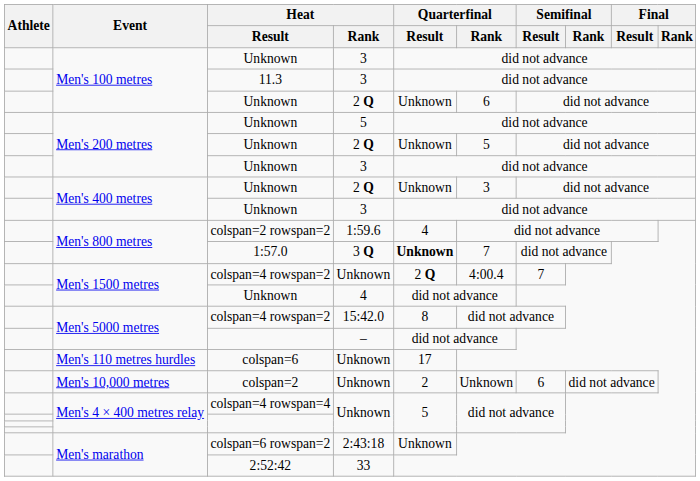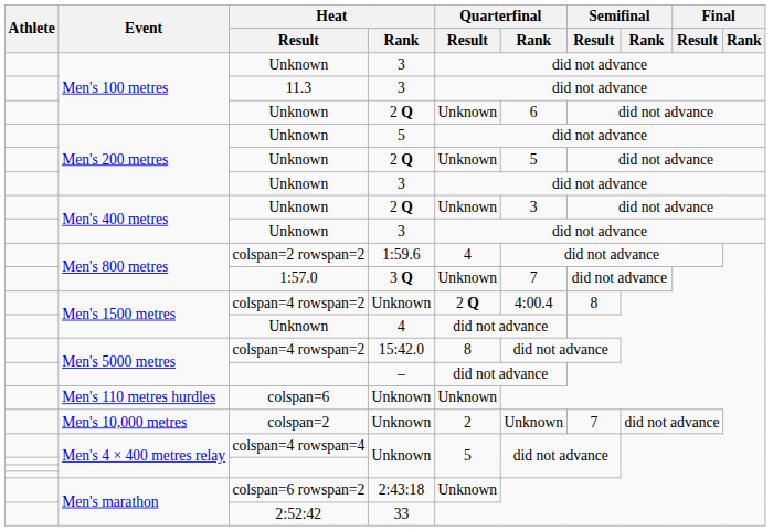 <table class="wikitable sortable" style=text-align:center>
 <tr>
 <th rowspan=2>Athlete</th>
 <th rowspan=2>Event</th>
 <th colspan=2>Heat</th>
 <th colspan=2>Quarterfinal</th>
 <th colspan=2>Semifinal</th>
 <th colspan=2>Final</th>
 </tr>
 <tr>
 <th>Result</th>
 <th>Rank</th>
 <th>Result</th>
 <th>Rank</th>
 <th>Result</th>
 <th>Rank</th>
 <th>Result</th>
 <th>Rank</th>
 </tr>
 <tr>
 <td align=left></td>
 <td rowspan=3 align=left><a href='#'>Men's 100 metres</a></td>
 <td>Unknown</td>
 <td>3</td>
 <td colspan=6>did not advance</td>
 </tr>
 <tr>
 <td align=left></td>
 <td>11.3</td>
 <td>3</td>
 <td colspan=6>did not advance</td>
 </tr>
 <tr>
 <td align=left></td>
 <td>Unknown</td>
 <td>2 <strong>Q</strong></td>
 <td>Unknown</td>
 <td>6</td>
 <td colspan=4>did not advance</td>
 </tr>
 <tr>
 <td align=left></td>
 <td rowspan=3 align=left><a href='#'>Men's 200 metres</a></td>
 <td>Unknown</td>
 <td>5</td>
 <td colspan=6>did not advance</td>
 </tr>
 <tr>
 <td align=left></td>
 <td>Unknown</td>
 <td>2 <strong>Q</strong></td>
 <td>Unknown</td>
 <td>5</td>
 <td colspan=4>did not advance</td>
 </tr>
 <tr>
 <td align=left></td>
 <td>Unknown</td>
 <td>3</td>
 <td colspan=6>did not advance</td>
 </tr>
 <tr>
 <td align=left></td>
 <td rowspan=2 align=left><a href='#'>Men's 400 metres</a></td>
 <td>Unknown</td>
 <td>2 <strong>Q</strong></td>
 <td>Unknown</td>
 <td>3</td>
 <td colspan=4>did not advance</td>
 </tr>
 <tr>
 <td align=left></td>
 <td>Unknown</td>
 <td>3</td>
 <td colspan=6>did not advance</td>
 </tr>
 <tr>
 <td align=left></td>
 <td rowspan=2 align=left><a href='#'>Men's 800 metres</a></td>
 <td>colspan=2 rowspan=2 </td>
 <td>1:59.6</td>
 <td>4</td>
 <td colspan=4>did not advance</td>
 </tr>
 <tr>
 <td align=left></td>
 <td>1:57.0</td>
 <td>3 <strong>Q</strong></td>
-<td><strong>Unknown</strong></td>
+<td>Unknown</td>
 <td>7</td>
 <td colspan=2>did not advance</td>
 </tr>
 <tr>
 <td align=left></td>
 <td rowspan=2 align=left><a href='#'>Men's 1500 metres</a></td>
 <td>colspan=4 rowspan=2 </td>
 <td>Unknown</td>
 <td>2 <strong>Q</strong></td>
 <td>4:00.4</td>
-<td>7</td>
+<td>8</td>
 </tr>
 <tr>
 <td align=left></td>
 <td>Unknown</td>
 <td>4</td>
 <td colspan=2>did not advance</td>
 </tr>
 <tr>
 <td align=left></td>
 <td rowspan=2 align=left><a href='#'>Men's 5000 metres</a></td>
 <td>colspan=4 rowspan=2 </td>
 <td>15:42.0</td>
 <td>8</td>
 <td colspan=2>did not advance</td>
 </tr>
 <tr>
 <td align=left></td>
 <td></td>
 <td>–</td>
 <td colspan=2>did not advance</td>
 </tr>
 <tr>
 <td align=left></td>
 <td align=left><a href='#'>Men's 110 metres hurdles</a></td>
 <td>colspan=6 </td>
 <td>Unknown</td>
-<td>17</td>
+<td>Unknown</td>
 </tr>
 <tr>
 <td align=left></td>
 <td align=left><a href='#'>Men's 10,000 metres</a></td>
 <td>colspan=2 </td>
 <td>Unknown</td>
 <td>2</td>
 <td>Unknown</td>
-<td>6</td>
+<td>7</td>
 <td colspan=2>did not advance</td>
 </tr>
 <tr>
 <td align=left></td>
 <td rowspan=4 align=left><a href='#'>Men's 4 × 400 metres relay</a></td>
 <td>colspan=4 rowspan=4 </td>
 <td rowspan=4>Unknown</td>
 <td rowspan=4>5</td>
 <td colspan=2 rowspan=4>did not advance</td>
 </tr>
 <tr>
 <td align=left></td>
 </tr>
 <tr>
 <td align=left></td>
 </tr>
 <tr>
 <td align=left></td>
 </tr>
 <tr>
 <td align=left></td>
 <td rowspan=2 align=left><a href='#'>Men's marathon</a></td>
 <td>colspan=6 rowspan=2 </td>
 <td>2:43:18</td>
 <td>Unknown</td>
 </tr>
 <tr>
 <td align=left></td>
 <td>2:52:42</td>
 <td>33</td>
 </tr>
 </table>
